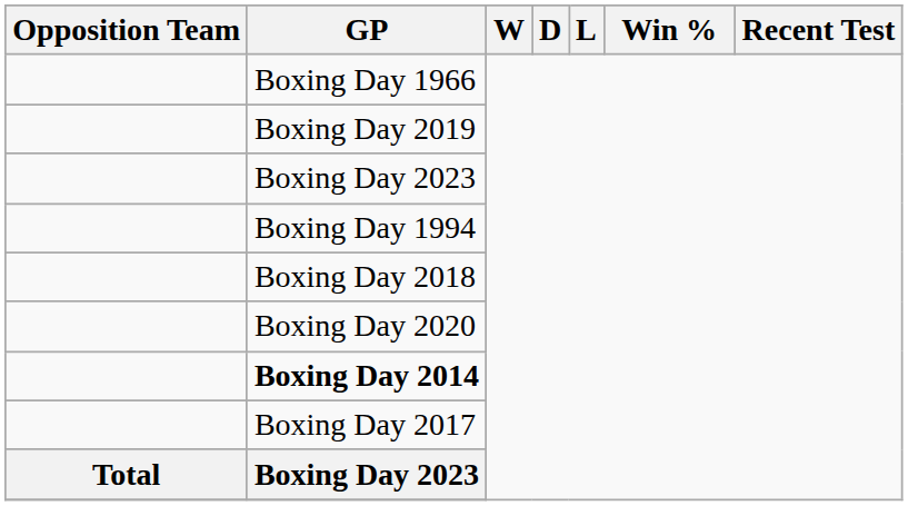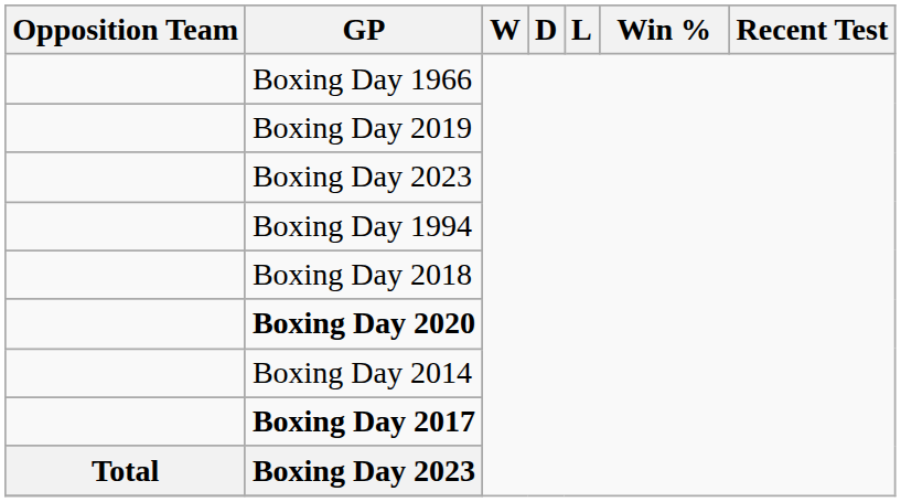 <table class="wikitable">
 <tr>
 <th>Opposition Team</th>
 <th>GP</th>
 <th>W</th>
 <th>D</th>
 <th>L</th>
 <th width=60px>Win %</th>
 <th>Recent Test</th>
 </tr>
 <tr>
 <td><br></td>
 <td>Boxing Day 1966</td>
 </tr>
 <tr>
 <td><br></td>
 <td>Boxing Day 2019</td>
 </tr>
 <tr>
 <td><br></td>
 <td>Boxing Day 2023</td>
 </tr>
 <tr>
 <td><br></td>
 <td>Boxing Day 1994</td>
 </tr>
 <tr>
 <td><br></td>
 <td>Boxing Day 2018</td>
 </tr>
 <tr>
 <td><br></td>
-<td>Boxing Day 2020</td>
+<td><strong>Boxing Day 2020</strong></td>
 </tr>
 <tr>
 <td><br></td>
-<td><strong>Boxing Day 2014</strong></td>
+<td>Boxing Day 2014</td>
 </tr>
 <tr>
 <td><br></td>
-<td>Boxing Day 2017</td>
+<td><strong>Boxing Day 2017</strong></td>
 </tr>
 <tr>
 <th>Total<br></th>
 <th>Boxing Day 2023</th>
 </tr>
 <tr>
 </tr>
 </table>
